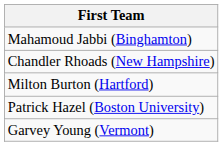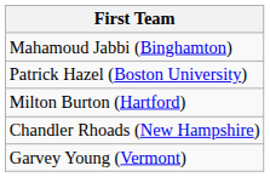 <table class="wikitable">
 <tr>
 <th>First Team</th>
 </tr>
 <tr>
 <td>Mahamoud Jabbi (<a href='#'>Binghamton</a>)</td>
 </tr>
 <tr>
-<td>Chandler Rhoads (<a href='#'>New Hampshire</a>)</td>
+<td>Patrick Hazel (<a href='#'>Boston University</a>)</td>
 </tr>
 <tr>
 <td>Milton Burton (<a href='#'>Hartford</a>)</td>
 </tr>
 <tr>
-<td>Patrick Hazel (<a href='#'>Boston University</a>)</td>
+<td>Chandler Rhoads (<a href='#'>New Hampshire</a>)</td>
 </tr>
 <tr>
 <td>Garvey Young (<a href='#'>Vermont</a>)</td>
 </tr>
 </table>
